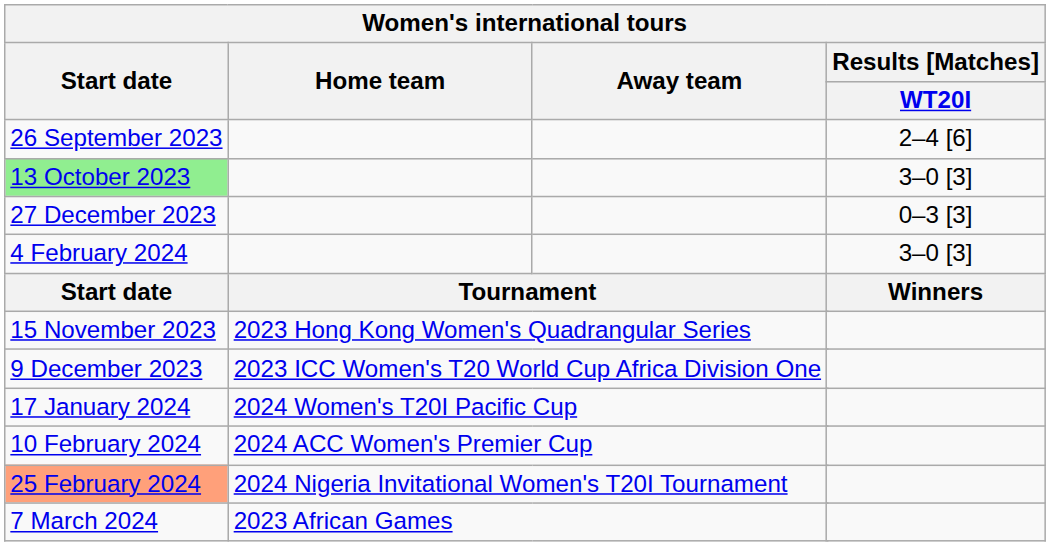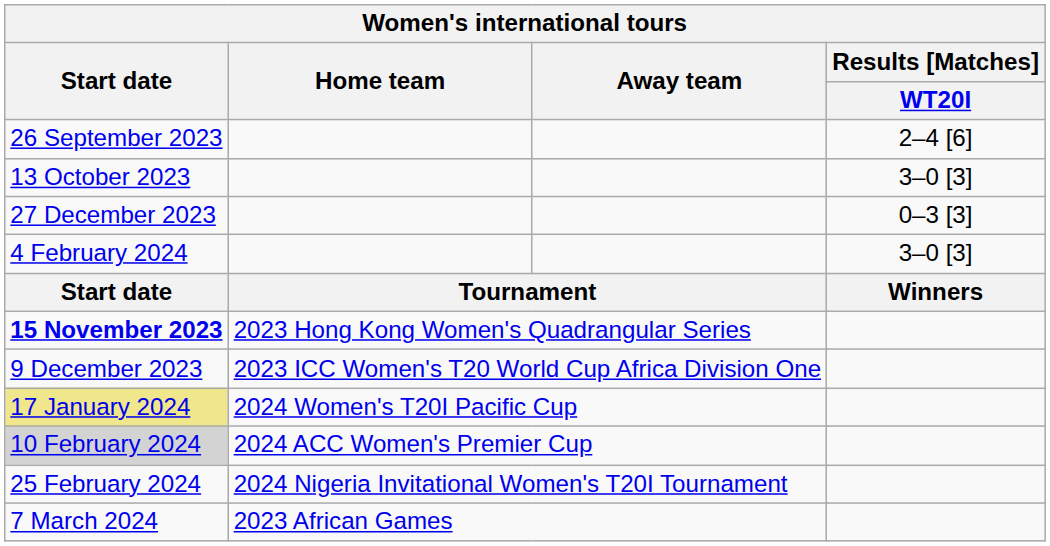 <table class="wikitable" style="text-align:center;">
 <tr>
 <th colspan="5">Women's international tours</th>
 </tr>
 <tr>
 <th rowspan=2>Start date</th>
 <th rowspan=2>Home team</th>
 <th rowspan=2>Away team</th>
 <th colspan="2">Results [Matches]</th>
 </tr>
 <tr>
 <th colspan="2"><a href='#'>WT20I</a></th>
 </tr>
 <tr>
 <td style="text-align:left"><a href='#'>26 September 2023</a></td>
 <td style="text-align:left"></td>
 <td style="text-align:left"></td>
 <td colspan="2">2–4 [6]</td>
 </tr>
 <tr>
-<td style="background: lightgreen; text-align:left"><a href='#'>13 October 2023</a></td>
+<td style="text-align:left"><a href='#'>13 October 2023</a></td>
 <td style="text-align:left"></td>
 <td style="text-align:left"></td>
 <td colspan="2">3–0 [3]</td>
 </tr>
 <tr>
 <td style="text-align:left"><a href='#'>27 December 2023</a></td>
 <td style="text-align:left"></td>
 <td style="text-align:left"></td>
 <td colspan="2">0–3 [3]</td>
 </tr>
 <tr>
 <td style="text-align:left"><a href='#'>4 February 2024</a></td>
 <td style="text-align:left"></td>
 <td style="text-align:left"></td>
 <td colspan="2">3–0 [3]</td>
 </tr>
 <tr>
 <th>Start date</th>
 <th colspan=3>Tournament</th>
 <th>Winners</th>
 </tr>
 <tr>
-<td style="text-align:left"><a href='#'>15 November 2023</a></td>
+<td style="text-align:left"><strong><a href='#'>15 November 2023</a></strong></td>
 <td style="text-align:left" colspan=3> <a href='#'>2023 Hong Kong Women's Quadrangular Series</a></td>
 <td style="text-align:left"></td>
 </tr>
 <tr>
 <td style="text-align:left"><a href='#'>9 December 2023</a></td>
 <td style="text-align:left" colspan=3> <a href='#'>2023 ICC Women's T20 World Cup Africa Division One</a></td>
 <td style="text-align:left"></td>
 </tr>
 <tr>
-<td style="text-align:left"><a href='#'>17 January 2024</a></td>
+<td style="background: khaki; text-align:left"><a href='#'>17 January 2024</a></td>
 <td style="text-align:left" colspan=3> <a href='#'>2024 Women's T20I Pacific Cup</a></td>
 <td style="text-align:left"></td>
 </tr>
 <tr>
-<td style="text-align:left"><a href='#'>10 February 2024</a></td>
+<td style="background: lightgrey; text-align:left"><a href='#'>10 February 2024</a></td>
 <td style="text-align:left" colspan=3> <a href='#'>2024 ACC Women's Premier Cup</a></td>
 <td colspan="2" style="text-align:left"></td>
 </tr>
 <tr>
-<td style="background: lightsalmon; text-align:left"><a href='#'>25 February 2024</a></td>
+<td style="text-align:left"><a href='#'>25 February 2024</a></td>
 <td style="text-align:left" colspan=3> <a href='#'>2024 Nigeria Invitational Women's T20I Tournament</a></td>
 <td colspan="2" style="text-align:left"></td>
 </tr>
 <tr>
 <td style="text-align:left"><a href='#'>7 March 2024</a></td>
 <td style="text-align:left" colspan=3> <a href='#'>2023 African Games</a></td>
 <td style="text-align:left" colspan=3></td>
 </tr>
 </table>
